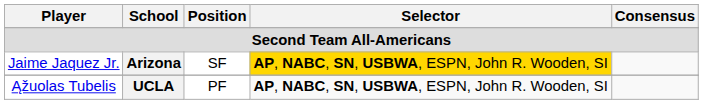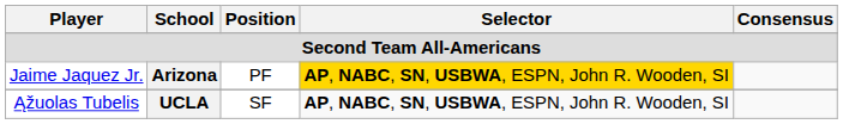 <table class="wikitable" border="0">
 <tr>
 <th>Player</th>
 <th>School</th>
 <th>Position</th>
 <th>Selector</th>
 <th>Consensus</th>
 </tr>
 <tr>
 </tr>
 <tr>
 <td colspan="6" style="text-align:center; background:#ddd;"><strong>Second Team All-Americans</strong></td>
 </tr>
 <tr style="text-align:center;">
 <td style="background:white"><a href='#'>Jaime Jaquez Jr.</a></td>
 <th style=>Arizona</th>
-<td style="background:white">SF</td>
+<td style="background:white">PF</td>
 <td style="background: gold;"><strong>AP</strong>, <strong>NABC</strong>, <strong>SN</strong>, <strong>USBWA</strong>, ESPN, John R. Wooden, SI</td>
 <td></td>
 </tr>
 <tr colspan="6" style="text-align:center">
 </tr>
 <tr style="text-align:center;">
 <td style="background:white"><a href='#'>Ąžuolas Tubelis</a></td>
 <th style=>UCLA</th>
-<td style="background:white">PF</td>
+<td style="background:white">SF</td>
 <td><strong>AP</strong>, <strong>NABC</strong>, <strong>SN</strong>, <strong>USBWA</strong>, ESPN, John R. Wooden, SI</td>
 <td></td>
 </tr>
 </table>
